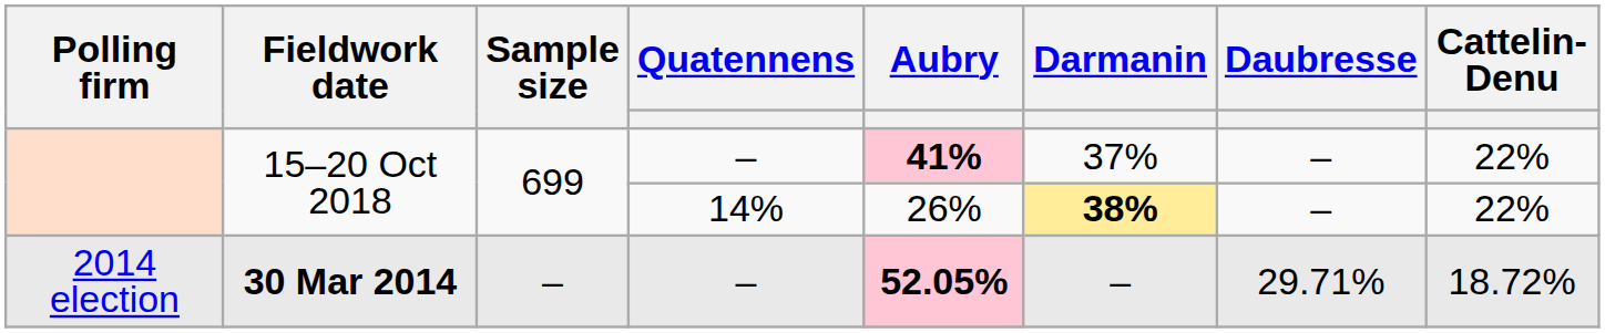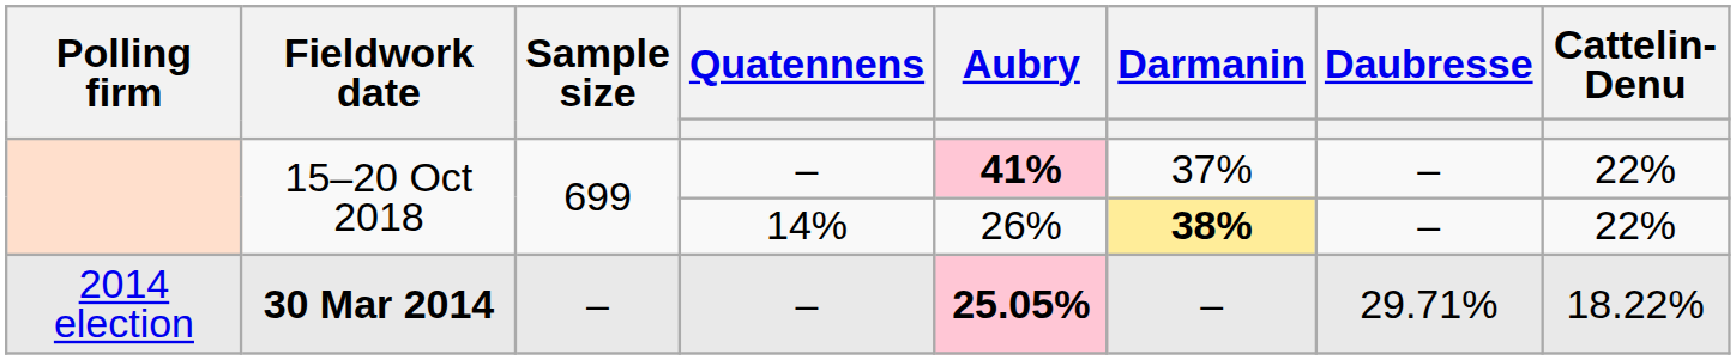 <table class="wikitable sortable" style="text-align:center;font-size:90%;line-height:14px;">
 <tr style="height:40px;">
 <th style="width:100px;" rowspan="2">Polling firm</th>
 <th style="width:110px;" rowspan="2">Fieldwork date</th>
 <th style="width:35px;" rowspan="2">Sample<br>size</th>
 <th class="unsortable" style="width:60px;"><a href='#'>Quatennens</a><br></th>
 <th class="unsortable" style="width:60px;"><a href='#'>Aubry</a><br></th>
 <th class="unsortable" style="width:60px;"><a href='#'>Darmanin</a><br></th>
 <th class="unsortable" style="width:60px;"><a href='#'>Daubresse</a><br></th>
 <th class="unsortable" style="width:60px;">Cattelin-Denu<br></th>
 </tr>
 <tr>
 <th style="background:"></th>
 <th style="background:"></th>
 <th style="background:"></th>
 <th style="background:"></th>
 <th style="background:"></th>
 </tr>
 <tr>
 <td rowspan="2" style="background:#FFDFCC;"></td>
 <td rowspan="2" data-sort-value="2018-10-20">15–20 Oct 2018</td>
 <td rowspan="2">699</td>
 <td>–</td>
 <td style="background:#FFC6D5;"><strong>41%</strong></td>
 <td>37%</td>
 <td>–</td>
 <td>22%</td>
 </tr>
 <tr>
 <td>14%</td>
 <td>26%</td>
 <td style="background:#FFED99;"><strong>38%</strong></td>
 <td>–</td>
 <td>22%</td>
 </tr>
 <tr style="background:#E9E9E9;">
 <td><a href='#'>2014 election</a></td>
 <td data-sort-value="2014-03-30"><strong>30 Mar 2014</strong></td>
 <td>–</td>
 <td>–</td>
-<td style="background:#FFC6D5;"><strong>52.05%</strong></td>
+<td style="background:#FFC6D5;"><strong>25.05%</strong></td>
 <td>–</td>
 <td>29.71%</td>
-<td>18.72%</td>
+<td>18.22%</td>
 </tr>
 </table>
